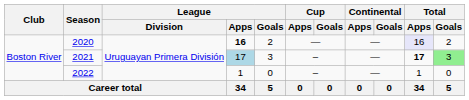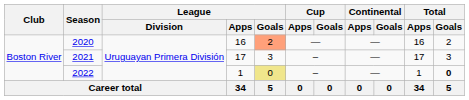 <table class="wikitable" Style="text-align: center">
 <tr>
 <th rowspan="2">Club</th>
 <th rowspan="2">Season</th>
 <th colspan="3">League</th>
 <th colspan="2">Cup</th>
 <th colspan="2">Continental</th>
 <th colspan="2">Total</th>
 </tr>
 <tr>
 <th>Division</th>
 <th>Apps</th>
 <th>Goals</th>
 <th>Apps</th>
 <th>Goals</th>
 <th>Apps</th>
 <th>Goals</th>
 <th>Apps</th>
 <th>Goals</th>
 </tr>
 <tr>
 <td rowspan="3"><a href='#'>Boston River</a></td>
 <td><a href='#'>2020</a></td>
 <td rowspan="3"><a href='#'>Uruguayan Primera División</a></td>
-<td><strong>16</strong></td>
-<td>2</td>
+<td>16</td>
+<td style="background: lightsalmon;">2</td>
 <td colspan="2">—</td>
 <td colspan="2">—</td>
-<td style="background: lavender;">16</td>
+<td>16</td>
 <td>2</td>
 </tr>
 <tr>
 <td><a href='#'>2021</a></td>
-<td style="background: lightblue;">17</td>
+<td>17</td>
 <td>3</td>
 <td colspan="2">–</td>
 <td colspan="2">—</td>
-<td><strong>17</strong></td>
-<td style="background: lightgreen;">3</td>
+<td>17</td>
+<td>3</td>
 </tr>
 <tr>
 <td><a href='#'>2022</a></td>
 <td>1</td>
-<td>0</td>
+<td style="background: khaki;">0</td>
 <td colspan="2">–</td>
 <td colspan="2">—</td>
 <td>1</td>
-<td>0</td>
+<td><strong>0</strong></td>
 </tr>
 <tr>
 <th colspan="3">Career total</th>
 <th>34</th>
 <th>5</th>
 <th>0</th>
 <th>0</th>
 <th>0</th>
 <th>0</th>
 <th>34</th>
 <th>5</th>
 </tr>
 </table>
